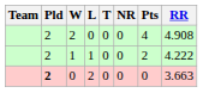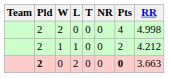 <table class="wikitable">
 <tr>
 <th>Team</th>
 <th>Pld</th>
 <th>W</th>
 <th>L</th>
 <th>T</th>
 <th>NR</th>
 <th>Pts</th>
 <th><a href='#'>RR</a></th>
 </tr>
 <tr style="background:#cfc;">
 <td></td>
 <td>2</td>
 <td>2</td>
 <td>0</td>
 <td>0</td>
 <td>0</td>
 <td>4</td>
-<td>4.908</td>
+<td>4.998</td>
 </tr>
 <tr style="background:#cfc;">
 <td></td>
 <td>2</td>
 <td>1</td>
 <td>1</td>
 <td>0</td>
 <td>0</td>
 <td>2</td>
-<td>4.222</td>
+<td>4.212</td>
 </tr>
 <tr style="background:#fcc;">
 <td></td>
 <td><strong>2</strong></td>
 <td>0</td>
 <td>2</td>
 <td>0</td>
 <td>0</td>
-<td>0</td>
+<td><strong>0</strong></td>
 <td>3.663</td>
 </tr>
 </table>
